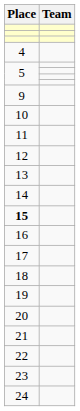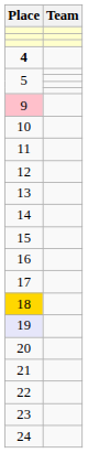 <table class="wikitable">
 <tr>
 <th>Place</th>
 <th>Team</th>
 </tr>
 <tr bgcolor=#ffffcc>
 <td align=center></td>
 <td></td>
 </tr>
 <tr bgcolor=#ffffcc>
 <td align=center></td>
 <td></td>
 </tr>
 <tr bgcolor=#ffffcc>
 <td align=center></td>
 <td></td>
 </tr>
 <tr>
-<td align=center>4</td>
+<td align=center><strong>4</strong></td>
 <td></td>
 </tr>
 <tr>
 <td align=center rowspan="4">5</td>
 <td></td>
 </tr>
 <tr>
 <td></td>
 </tr>
 <tr>
 <td></td>
 </tr>
 <tr>
 <td></td>
 </tr>
 <tr>
-<td align=center>9</td>
+<td align=center style="background: pink;">9</td>
 <td></td>
 </tr>
 <tr>
 <td align=center>10</td>
 <td></td>
 </tr>
 <tr>
 <td align=center>11</td>
 <td></td>
 </tr>
 <tr>
 <td align=center>12</td>
 <td></td>
 </tr>
 <tr>
 <td align=center>13</td>
 <td></td>
 </tr>
 <tr>
 <td align=center>14</td>
 <td></td>
 </tr>
 <tr>
-<td align=center><strong>15</strong></td>
+<td align=center>15</td>
 <td></td>
 </tr>
 <tr>
 <td align=center>16</td>
 <td></td>
 </tr>
 <tr>
 <td align=center>17</td>
 <td></td>
 </tr>
 <tr>
-<td align=center>18</td>
+<td align=center style="background: gold;">18</td>
 <td></td>
 </tr>
 <tr>
-<td align=center>19</td>
+<td align=center style="background: lavender;">19</td>
 <td></td>
 </tr>
 <tr>
 <td align=center>20</td>
 <td></td>
 </tr>
 <tr>
 <td align=center>21</td>
 <td></td>
 </tr>
 <tr>
 <td align=center>22</td>
 <td></td>
 </tr>
 <tr>
 <td align=center>23</td>
 <td></td>
 </tr>
 <tr>
 <td align=center>24</td>
 <td></td>
 </tr>
 </table>
